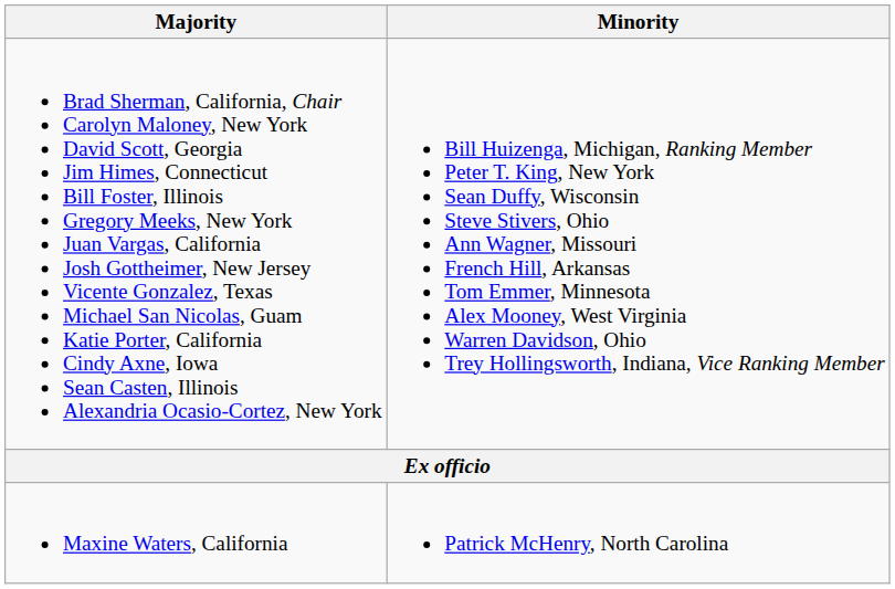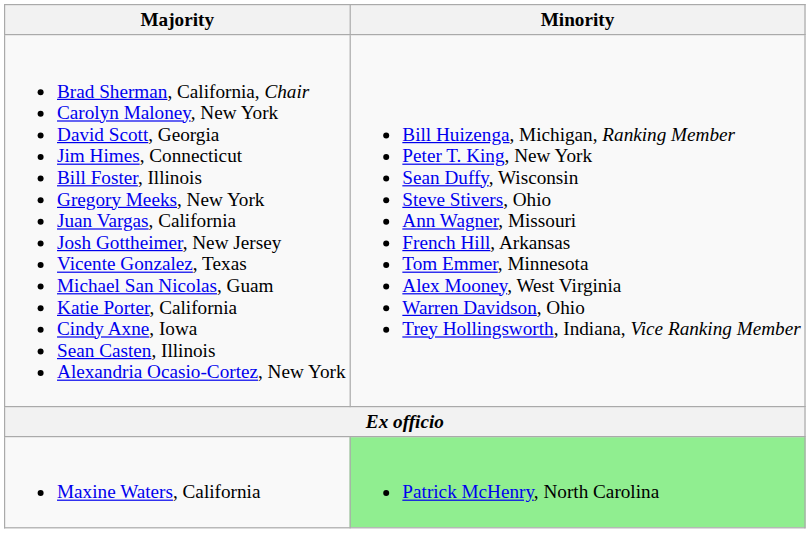 <table class=wikitable>
 <tr>
 <th>Majority</th>
 <th>Minority</th>
 </tr>
 <tr>
 <td><br><ul><li><a href='#'>Brad Sherman</a>, California, <em>Chair</em></li><li><a href='#'>Carolyn Maloney</a>, New York</li><li><a href='#'>David Scott</a>, Georgia</li><li><a href='#'>Jim Himes</a>, Connecticut</li><li><a href='#'>Bill Foster</a>, Illinois</li><li><a href='#'>Gregory Meeks</a>, New York</li><li><a href='#'>Juan Vargas</a>, California</li><li><a href='#'>Josh Gottheimer</a>, New Jersey</li><li><a href='#'>Vicente Gonzalez</a>, Texas</li><li><a href='#'>Michael San Nicolas</a>, Guam</li><li><a href='#'>Katie Porter</a>, California</li><li><a href='#'>Cindy Axne</a>, Iowa</li><li><a href='#'>Sean Casten</a>, Illinois</li><li><a href='#'>Alexandria Ocasio-Cortez</a>, New York</li></ul></td>
 <td><br><ul><li><a href='#'>Bill Huizenga</a>, Michigan, <em>Ranking Member</em></li><li><a href='#'>Peter T. King</a>, New York</li><li><a href='#'>Sean Duffy</a>, Wisconsin</li><li><a href='#'>Steve Stivers</a>, Ohio</li><li><a href='#'>Ann Wagner</a>, Missouri</li><li><a href='#'>French Hill</a>, Arkansas</li><li><a href='#'>Tom Emmer</a>, Minnesota</li><li><a href='#'>Alex Mooney</a>, West Virginia</li><li><a href='#'>Warren Davidson</a>, Ohio</li><li><a href='#'>Trey Hollingsworth</a>, Indiana, <em>Vice Ranking Member</em></li></ul></td>
 </tr>
 <tr>
 <th colspan=2><em>Ex officio</em></th>
 </tr>
 <tr>
 <td><br><ul><li><a href='#'>Maxine Waters</a>, California</li></ul></td>
-<td><br><ul><li><a href='#'>Patrick McHenry</a>, North Carolina</li></ul></td>
+<td style="background: lightgreen;"><br><ul><li><a href='#'>Patrick McHenry</a>, North Carolina</li></ul></td>
 </tr>
 </table>
